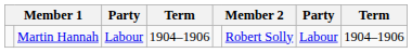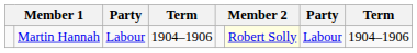 <table class="wikitable">
 <tr>
 <th colspan="2">Member 1</th>
 <th>Party</th>
 <th>Term</th>
 <th colspan="2">Member 2</th>
 <th>Party</th>
 <th>Term</th>
 </tr>
 <tr>
 <td> </td>
 <td><a href='#'>Martin Hannah</a></td>
 <td><a href='#'>Labour</a></td>
 <td>1904–1906 </td>
 <td> </td>
-<td><a href='#'>Robert Solly</a></td>
+<td style="background: lightyellow;"><a href='#'>Robert Solly</a></td>
 <td><a href='#'>Labour</a></td>
 <td>1904–1906 </td>
 </tr>
 </table>
